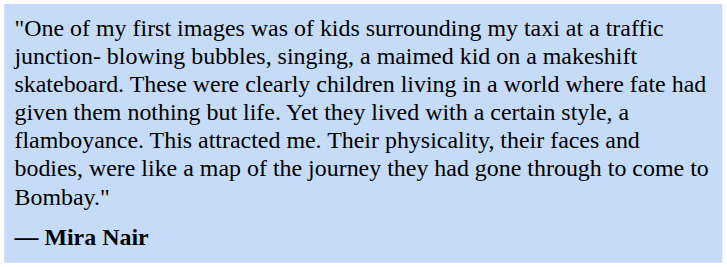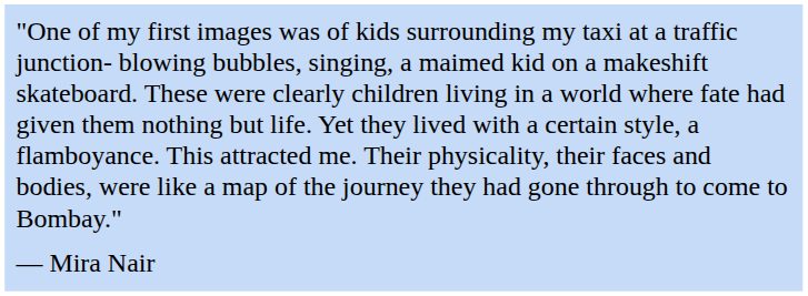 <table class="toccolours" style="float: right; margin-left: 1em; margin-right: 2em; font-size: 85%; background:#c6dbf7; color:black; width:30em; max-width: 40%;" cellspacing="5">
 <tr>
 <td style="text-align: left;">"One of my first images was of kids surrounding my taxi at a traffic junction- blowing bubbles, singing, a maimed kid on a makeshift skateboard. These were clearly children living in a world where fate had given them nothing but life. Yet they lived with a certain style, a flamboyance. This attracted me. Their physicality, their faces and bodies, were like a map of the journey they had gone through to come to Bombay."</td>
 </tr>
 <tr>
-<td style="text-align: left;"><strong>— Mira Nair</strong></td>
+<td style="text-align: left;">— Mira Nair</td>
 </tr>
 </table>
